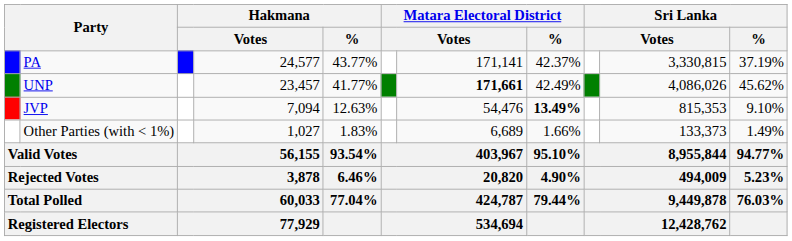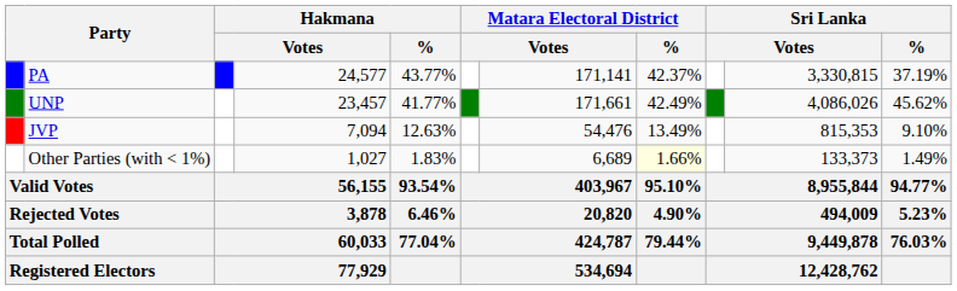 <table class="wikitable">
 <tr>
 <th colspan="2" width="144px"rowspan="2">Party</th>
 <th colspan="3" width="216px">Hakmana</th>
 <th colspan="3" width="216px"><a href='#'>Matara Electoral District</a></th>
 <th colspan="3" width="216px">Sri Lanka</th>
 </tr>
 <tr>
 <th colspan="2" width="144px">Votes</th>
 <th>%</th>
 <th colspan="2" width="144px">Votes</th>
 <th>%</th>
 <th colspan="2" width="144px">Votes</th>
 <th>%</th>
 </tr>
 <tr>
 <td style="background-color:blue;" width="10px"></td>
 <td style="text-align:left;"><a href='#'>PA</a></td>
 <td style="background-color:blue;" width="10px"></td>
 <td style="text-align:right;">24,577</td>
 <td style="text-align:right;">43.77%</td>
 <td style="background-color:white;" width="10px"></td>
 <td style="text-align:right;">171,141</td>
 <td style="text-align:right;">42.37%</td>
 <td style="background-color:white;" width="10px"></td>
 <td style="text-align:right;">3,330,815</td>
 <td style="text-align:right;">37.19%</td>
 </tr>
 <tr>
 <td style="background-color:green;" width="10px"></td>
 <td style="text-align:left;"><a href='#'>UNP</a></td>
 <td style="background-color:white;" width="10px"></td>
 <td style="text-align:right;">23,457</td>
 <td style="text-align:right;">41.77%</td>
 <td style="background-color:green;" width="10px"></td>
-<td style="text-align:right;"><strong>171,661</strong></td>
+<td style="text-align:right;">171,661</td>
 <td style="text-align:right;">42.49%</td>
 <td style="background-color:green;" width="10px"></td>
 <td style="text-align:right;">4,086,026</td>
 <td style="text-align:right;">45.62%</td>
 </tr>
 <tr>
 <td style="background-color:red;" width="10px"></td>
 <td style="text-align:left;"><a href='#'>JVP</a></td>
 <td style="background-color:white;" width="10px"></td>
 <td style="text-align:right;">7,094</td>
 <td style="text-align:right;">12.63%</td>
 <td style="background-color:white;" width="10px"></td>
 <td style="text-align:right;">54,476</td>
-<td style="text-align:right;"><strong>13.49%</strong></td>
+<td style="text-align:right;">13.49%</td>
 <td style="background-color:white;" width="10px"></td>
 <td style="text-align:right;">815,353</td>
 <td style="text-align:right;">9.10%</td>
 </tr>
 <tr>
 <td style="background-color:white;" width="10px"></td>
 <td style="text-align:left;">Other Parties (with < 1%)</td>
 <td style="background-color:white;" width="10px"></td>
 <td style="text-align:right;">1,027</td>
 <td style="text-align:right;">1.83%</td>
 <td style="background-color:white;" width="10px"></td>
 <td style="text-align:right;">6,689</td>
-<td style="text-align:right;">1.66%</td>
+<td style="background: lightyellow; text-align:right;">1.66%</td>
 <td style="background-color:white;" width="10px"></td>
 <td style="text-align:right;">133,373</td>
 <td style="text-align:right;">1.49%</td>
 </tr>
 <tr>
 <th colspan="2" width="144px"style="text-align:left;">Valid Votes</th>
 <th style="text-align:right;"colspan="2" width="144px">56,155</th>
 <th style="text-align:right;">93.54%</th>
 <th style="text-align:right;"colspan="2" width="144px">403,967</th>
 <th style="text-align:right;">95.10%</th>
 <th style="text-align:right;"colspan="2" width="144px">8,955,844</th>
 <th style="text-align:right;">94.77%</th>
 </tr>
 <tr>
 <th colspan="2" width="144px"style="text-align:left;">Rejected Votes</th>
 <th style="text-align:right;"colspan="2" width="144px">3,878</th>
 <th style="text-align:right;">6.46%</th>
 <th style="text-align:right;"colspan="2" width="144px">20,820</th>
 <th style="text-align:right;">4.90%</th>
 <th style="text-align:right;"colspan="2" width="144px">494,009</th>
 <th style="text-align:right;">5.23%</th>
 </tr>
 <tr>
 <th colspan="2" width="144px"style="text-align:left;">Total Polled</th>
 <th style="text-align:right;"colspan="2" width="144px">60,033</th>
 <th style="text-align:right;">77.04%</th>
 <th style="text-align:right;"colspan="2" width="144px">424,787</th>
 <th style="text-align:right;">79.44%</th>
 <th style="text-align:right;"colspan="2" width="144px">9,449,878</th>
 <th style="text-align:right;">76.03%</th>
 </tr>
 <tr>
 <th colspan="2" width="144px"style="text-align:left;">Registered Electors</th>
 <th style="text-align:right;"colspan="2" width="144px">77,929</th>
 <th></th>
 <th style="text-align:right;"colspan="2" width="144px">534,694</th>
 <th></th>
 <th style="text-align:right;"colspan="2" width="144px">12,428,762</th>
 <th></th>
 </tr>
 </table>
